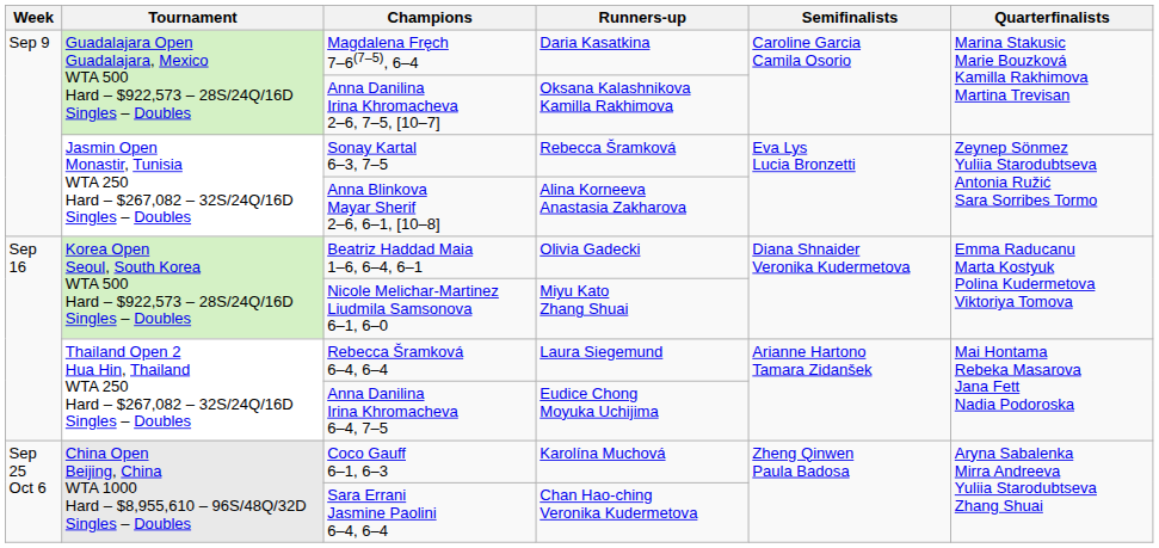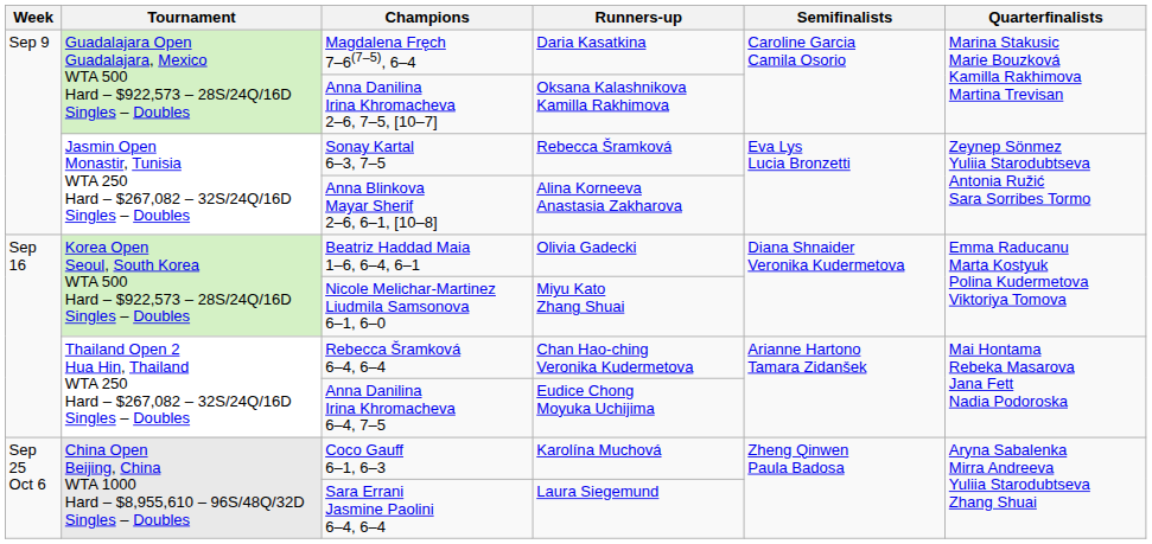 <table class="wikitable" style=font-size:95%>
 <tr>
 <th style="width:48px;">Week</th>
 <th style="width:248px;">Tournament</th>
 <th style="width:200px;">Champions</th>
 <th style="width:200px;">Runners-up</th>
 <th style="width:190px;">Semifinalists</th>
 <th style="width:190px;">Quarterfinalists</th>
 </tr>
 <tr style="vertical-align:top">
 <td rowspan="4">Sep 9</td>
 <td style="background:#D4F1C5;" rowspan="2"><a href='#'>Guadalajara Open</a> <br> <a href='#'>Guadalajara</a>, <a href='#'>Mexico</a> <br> WTA 500 <br> Hard – $922,573 – 28S/24Q/16D <br> <a href='#'>Singles</a> – <a href='#'>Doubles</a></td>
 <td> <a href='#'>Magdalena Fręch</a> <br> 7–6<sup>(7–5)</sup>, 6–4</td>
 <td> <a href='#'>Daria Kasatkina</a></td>
 <td rowspan="2"> <a href='#'>Caroline Garcia</a> <br>  <a href='#'>Camila Osorio</a></td>
 <td rowspan="2"> <a href='#'>Marina Stakusic</a> <br>  <a href='#'>Marie Bouzková</a> <br>  <a href='#'>Kamilla Rakhimova</a> <br>  <a href='#'>Martina Trevisan</a></td>
 </tr>
 <tr style="vertical-align:top">
 <td> <a href='#'>Anna Danilina</a> <br>  <a href='#'>Irina Khromacheva</a> <br> 2–6, 7–5, [10–7]</td>
 <td> <a href='#'>Oksana Kalashnikova</a> <br>  <a href='#'>Kamilla Rakhimova</a></td>
 </tr>
 <tr style="vertical-align:top">
 <td style="background:#fff;" rowspan="2"><a href='#'>Jasmin Open</a> <br> <a href='#'>Monastir</a>, <a href='#'>Tunisia</a> <br> WTA 250 <br> Hard – $267,082 – 32S/24Q/16D <br> <a href='#'>Singles</a> – <a href='#'>Doubles</a></td>
 <td> <a href='#'>Sonay Kartal</a> <br> 6–3, 7–5</td>
 <td> <a href='#'>Rebecca Šramková</a></td>
 <td rowspan="2"> <a href='#'>Eva Lys</a> <br>  <a href='#'>Lucia Bronzetti</a></td>
 <td rowspan="2"> <a href='#'>Zeynep Sönmez</a> <br>  <a href='#'>Yuliia Starodubtseva</a> <br>  <a href='#'>Antonia Ružić</a> <br>  <a href='#'>Sara Sorribes Tormo</a></td>
 </tr>
 <tr style="vertical-align:top">
 <td> <a href='#'>Anna Blinkova</a> <br>  <a href='#'>Mayar Sherif</a> <br> 2–6, 6–1, [10–8]</td>
 <td> <a href='#'>Alina Korneeva</a> <br>  <a href='#'>Anastasia Zakharova</a></td>
 </tr>
 <tr style="vertical-align:top">
 <td rowspan="4">Sep 16</td>
 <td style="background:#D4F1C5;" rowspan="2"><a href='#'>Korea Open</a> <br> <a href='#'>Seoul</a>, <a href='#'>South Korea</a> <br> WTA 500 <br> Hard – $922,573 – 28S/24Q/16D <br> <a href='#'>Singles</a> – <a href='#'>Doubles</a></td>
 <td> <a href='#'>Beatriz Haddad Maia</a> <br> 1–6, 6–4, 6–1</td>
 <td> <a href='#'>Olivia Gadecki</a></td>
 <td rowspan="2"> <a href='#'>Diana Shnaider</a> <br>  <a href='#'>Veronika Kudermetova</a></td>
 <td rowspan="2"> <a href='#'>Emma Raducanu</a> <br>  <a href='#'>Marta Kostyuk</a> <br>  <a href='#'>Polina Kudermetova</a> <br>  <a href='#'>Viktoriya Tomova</a></td>
 </tr>
 <tr style="vertical-align:top">
 <td> <a href='#'>Nicole Melichar-Martinez</a> <br>  <a href='#'>Liudmila Samsonova</a> <br> 6–1, 6–0</td>
 <td> <a href='#'>Miyu Kato</a> <br>  <a href='#'>Zhang Shuai</a></td>
 </tr>
 <tr style="vertical-align:top">
 <td style="background:#fff;" rowspan="2"><a href='#'>Thailand Open 2</a> <br> <a href='#'>Hua Hin</a>, <a href='#'>Thailand</a> <br> WTA 250 <br> Hard – $267,082 – 32S/24Q/16D <br> <a href='#'>Singles</a> – <a href='#'>Doubles</a></td>
 <td> <a href='#'>Rebecca Šramková</a> <br> 6–4, 6–4</td>
-<td> <a href='#'>Laura Siegemund</a></td>
+<td> <a href='#'>Chan Hao-ching</a> <br>  <a href='#'>Veronika Kudermetova</a></td>
 <td rowspan="2"> <a href='#'>Arianne Hartono</a> <br>  <a href='#'>Tamara Zidanšek</a></td>
 <td rowspan="2"> <a href='#'>Mai Hontama</a> <br>  <a href='#'>Rebeka Masarova</a> <br>  <a href='#'>Jana Fett</a> <br>  <a href='#'>Nadia Podoroska</a></td>
 </tr>
 <tr style="vertical-align:top">
 <td> <a href='#'>Anna Danilina</a> <br>  <a href='#'>Irina Khromacheva</a> <br> 6–4, 7–5</td>
 <td> <a href='#'>Eudice Chong</a> <br>  <a href='#'>Moyuka Uchijima</a></td>
 </tr>
 <tr style="vertical-align:top">
 <td rowspan="2">Sep 25 <br> Oct 6</td>
 <td style="background:#e9e9e9;" rowspan="2"><a href='#'>China Open</a> <br> <a href='#'>Beijing</a>, <a href='#'>China</a> <br> WTA 1000 <br> Hard – $8,955,610 – 96S/48Q/32D <br> <a href='#'>Singles</a> – <a href='#'>Doubles</a></td>
 <td> <a href='#'>Coco Gauff</a> <br> 6–1, 6–3</td>
 <td> <a href='#'>Karolína Muchová</a></td>
 <td rowspan="2"> <a href='#'>Zheng Qinwen</a> <br>  <a href='#'>Paula Badosa</a></td>
 <td rowspan="2"> <a href='#'>Aryna Sabalenka</a> <br>  <a href='#'>Mirra Andreeva</a> <br>  <a href='#'>Yuliia Starodubtseva</a> <br>  <a href='#'>Zhang Shuai</a></td>
 </tr>
 <tr style="vertical-align:top">
 <td> <a href='#'>Sara Errani</a> <br>  <a href='#'>Jasmine Paolini</a> <br> 6–4, 6–4</td>
-<td> <a href='#'>Chan Hao-ching</a> <br>  <a href='#'>Veronika Kudermetova</a></td>
+<td> <a href='#'>Laura Siegemund</a></td>
 </tr>
 </table>
